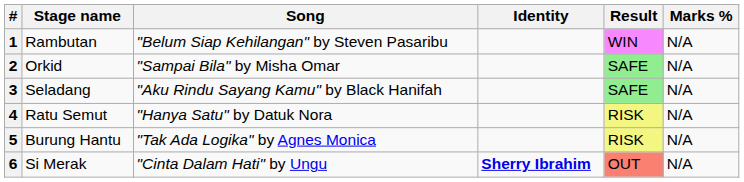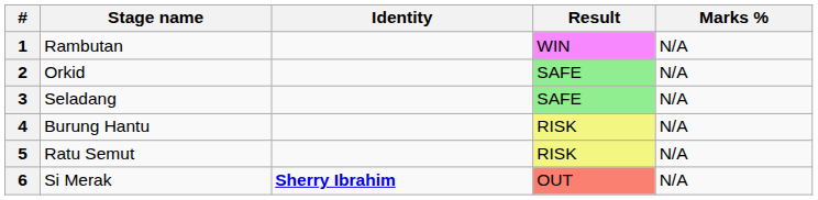 <table class="wikitable plainrowheaders" style="width: 60%; style=text-align: center;">
 <tr>
 <th>#</th>
 <th>Stage name</th>
-<th>Song</th>
 <th>Identity</th>
 <th>Result</th>
 <th>Marks %</th>
 </tr>
 <tr>
 <th>1</th>
 <td>Rambutan</td>
-<td><em>"Belum Siap Kehilangan"</em> by Steven Pasaribu</td>
 <td></td>
 <td bgcolor=#F888FD>WIN</td>
 <td>N/A</td>
 </tr>
 <tr>
 <th>2</th>
 <td>Orkid</td>
-<td><em>"Sampai Bila"</em> by Misha Omar</td>
 <td></td>
 <td bgcolor="lightgreen">SAFE</td>
 <td>N/A</td>
 </tr>
 <tr>
 <th>3</th>
 <td>Seladang</td>
-<td><em>"Aku Rindu Sayang Kamu"</em> by Black Hanifah</td>
 <td></td>
 <td bgcolor="lightgreen">SAFE</td>
 <td>N/A</td>
 </tr>
 <tr>
 <th>4</th>
-<td>Ratu Semut</td>
-<td><em>"Hanya Satu"</em> by Datuk Nora</td>
+<td>Burung Hantu</td>
 <td></td>
 <td bgcolor=#F3F781>RISK</td>
 <td>N/A</td>
 </tr>
 <tr>
 <th>5</th>
-<td>Burung Hantu</td>
-<td><em>"Tak Ada Logika"</em> by <a href='#'>Agnes Monica</a></td>
+<td>Ratu Semut</td>
 <td></td>
 <td bgcolor=#F3F781>RISK</td>
 <td>N/A</td>
 </tr>
 <tr>
 <th>6</th>
 <td>Si Merak</td>
-<td><em>"Cinta Dalam Hati"</em> by <a href='#'>Ungu</a></td>
 <td><strong><a href='#'>Sherry Ibrahim</a></strong></td>
 <td bgcolor=salmon>OUT</td>
 <td>N/A</td>
 </tr>
 </table>
